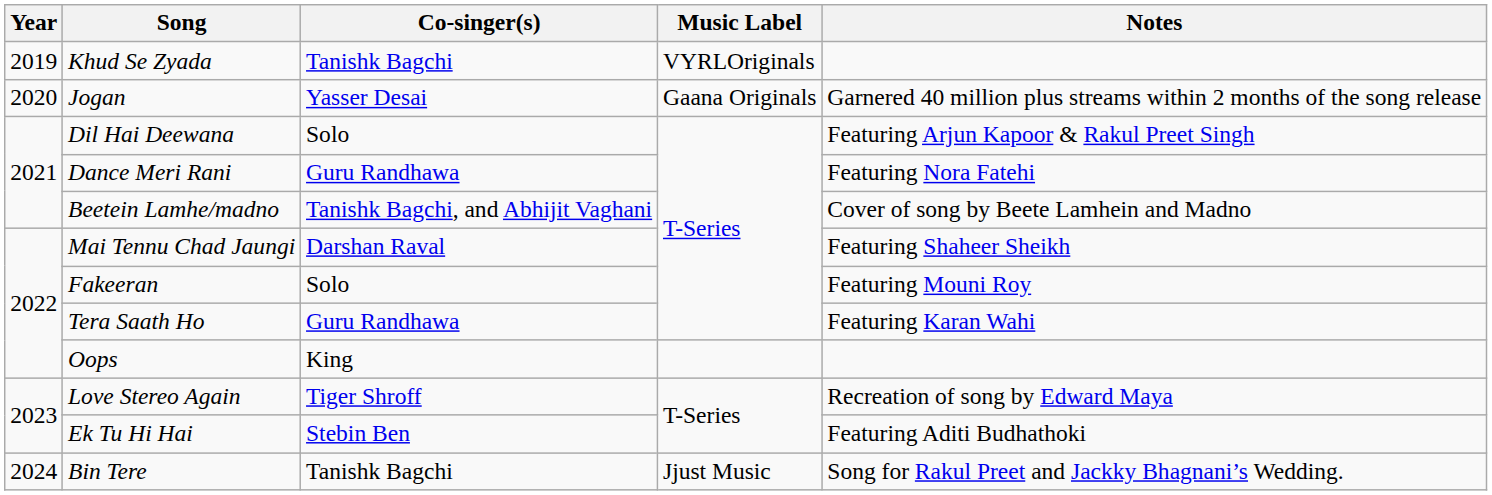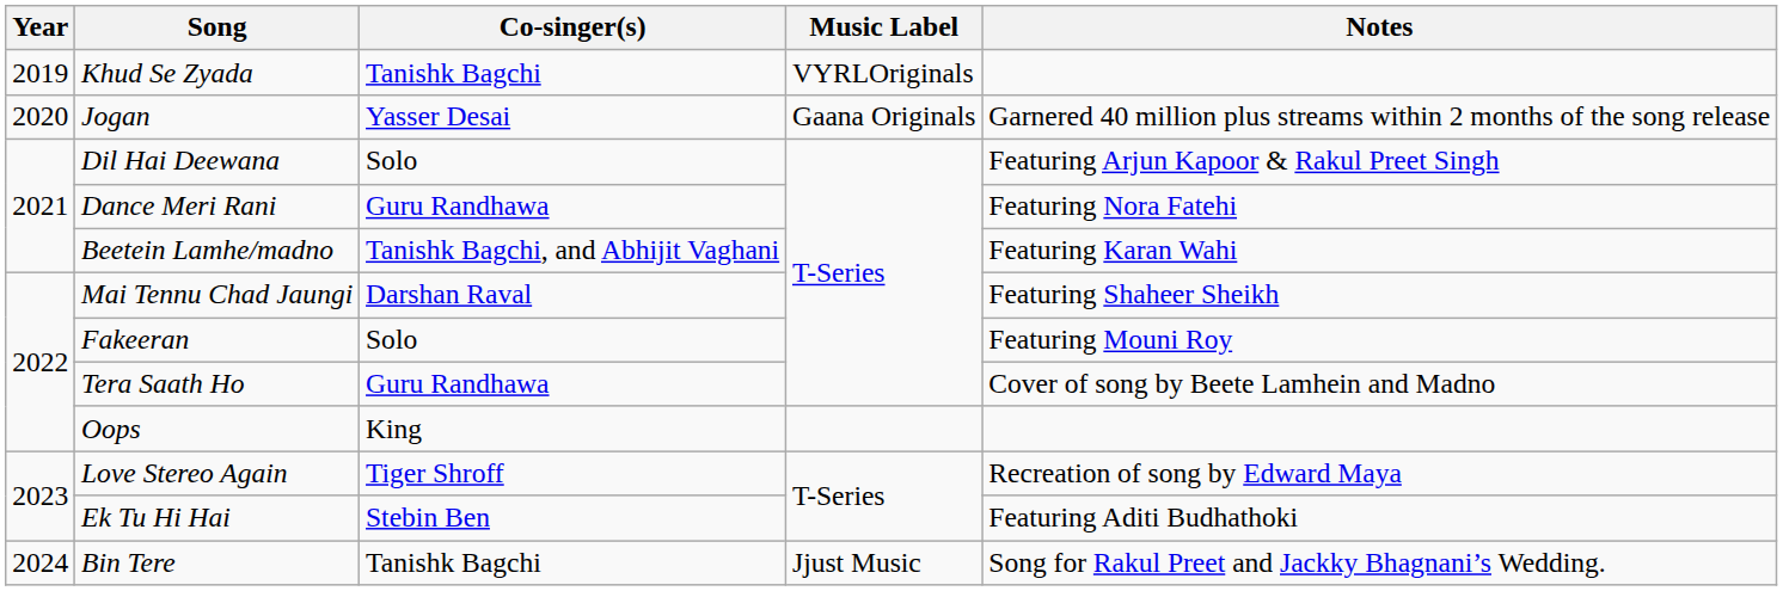 <table class="wikitable sortable">
 <tr>
 <th>Year</th>
 <th>Song</th>
 <th>Co-singer(s)</th>
 <th>Music Label</th>
 <th>Notes</th>
 </tr>
 <tr>
 <td>2019</td>
 <td><em>Khud Se Zyada</em></td>
 <td><a href='#'>Tanishk Bagchi</a></td>
 <td>VYRLOriginals</td>
 <td></td>
 </tr>
 <tr>
 <td>2020</td>
 <td><em>Jogan</em></td>
 <td><a href='#'>Yasser Desai</a></td>
 <td>Gaana Originals</td>
 <td>Garnered 40 million plus streams within 2 months of the song release</td>
 </tr>
 <tr>
 <td colspan="1" rowspan="3">2021</td>
 <td><em>Dil Hai Deewana</em></td>
 <td>Solo</td>
 <td colspan="1" rowspan="6"><a href='#'>T-Series</a></td>
 <td>Featuring <a href='#'>Arjun Kapoor</a> & <a href='#'>Rakul Preet Singh</a></td>
 </tr>
 <tr>
 <td><em>Dance Meri Rani</em></td>
 <td><a href='#'>Guru Randhawa</a></td>
 <td>Featuring <a href='#'>Nora Fatehi</a></td>
 </tr>
 <tr>
 <td><em>Beetein Lamhe/madno</em></td>
 <td><a href='#'>Tanishk Bagchi</a>, and <a href='#'>Abhijit Vaghani</a></td>
-<td>Cover of song by Beete Lamhein and Madno</td>
+<td>Featuring <a href='#'>Karan Wahi</a></td>
 </tr>
 <tr>
 <td colspan="1" rowspan="4">2022</td>
 <td><em>Mai Tennu Chad Jaungi</em></td>
 <td><a href='#'>Darshan Raval</a></td>
 <td>Featuring <a href='#'>Shaheer Sheikh</a></td>
 </tr>
 <tr>
 <td><em>Fakeeran</em></td>
 <td>Solo</td>
 <td>Featuring <a href='#'>Mouni Roy</a></td>
 </tr>
 <tr>
 <td><em>Tera Saath Ho</em></td>
 <td><a href='#'>Guru Randhawa</a></td>
-<td>Featuring <a href='#'>Karan Wahi</a></td>
+<td>Cover of song by Beete Lamhein and Madno</td>
 </tr>
 <tr>
 <td><em>Oops</em></td>
 <td>King</td>
 <td></td>
 <td></td>
 </tr>
 <tr>
 <td colspan="1" rowspan="2">2023</td>
 <td><em>Love Stereo Again</em></td>
 <td><a href='#'>Tiger Shroff</a></td>
 <td colspan="1" rowspan="2">T-Series</td>
 <td>Recreation of song by <a href='#'>Edward Maya</a></td>
 </tr>
 <tr>
 <td><em>Ek Tu Hi Hai</em></td>
 <td><a href='#'>Stebin Ben</a></td>
 <td>Featuring Aditi Budhathoki</td>
 </tr>
 <tr>
 <td>2024</td>
 <td><em>Bin Tere</em></td>
 <td>Tanishk Bagchi</td>
 <td>Jjust Music</td>
 <td>Song for <a href='#'>Rakul Preet</a> and <a href='#'>Jackky Bhagnani’s</a> Wedding.</td>
 </tr>
 </table>
